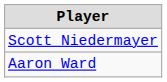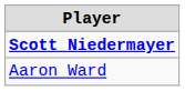 <table class="wikitable">
 <tr align="center"  bgcolor="#dddddd">
 <td><strong>Player</strong></td>
 </tr>
 <tr>
-<td><a href='#'>Scott Niedermayer</a></td>
+<td><strong><a href='#'>Scott Niedermayer</a></strong></td>
 </tr>
 <tr>
 <td><a href='#'>Aaron Ward</a></td>
 </tr>
 </table>
